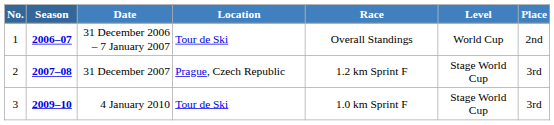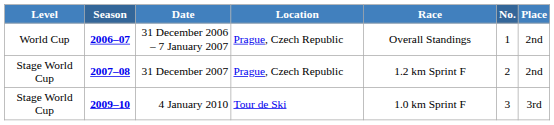 <table class="wikitable sortable" style="font-size:95%; text-align:center; border:grey solid 1px; border-collapse:collapse; background:#ffffff;">
 <tr style="background:#efefef;">
-<th style="background-color:#369; color:white;">No.</th>
+<th style="background-color:#4180be; color:white; width:100px;">Level</th>
 <th style="background-color:#369; color:white;">Season</th>
 <th style="background-color:#4180be; color:white; width:120px;">Date</th>
 <th style="background-color:#4180be; color:white; width:170px;">Location</th>
 <th style="background-color:#4180be; color:white; width:170px;">Race</th>
-<th style="background-color:#4180be; color:white; width:100px;">Level</th>
+<th style="background-color:#369; color:white;">No.</th>
 <th style="background-color:#4180be; color:white;">Place</th>
 </tr>
 <tr>
-<td align=center>1</td>
+<td>World Cup</td>
 <td rowspan=1 align=center><strong> <a href='#'>2006–07</a> </strong></td>
 <td align=right>31 December 2006<br> – 7 January 2007</td>
-<td align=left> <a href='#'>Tour de Ski</a></td>
+<td align=left> <a href='#'>Prague</a>, Czech Republic</td>
 <td>Overall Standings</td>
-<td>World Cup</td>
+<td align=center>1</td>
 <td>2nd</td>
 </tr>
 <tr>
-<td align=center>2</td>
+<td>Stage World Cup</td>
 <td rowspan=1 align=center><strong> <a href='#'>2007–08</a> </strong></td>
 <td align=right>31 December 2007</td>
 <td align=left> <a href='#'>Prague</a>, Czech Republic</td>
 <td>1.2 km Sprint F</td>
-<td>Stage World Cup</td>
-<td>3rd</td>
+<td align=center>2</td>
+<td>2nd</td>
 </tr>
 <tr>
-<td align=center>3</td>
+<td>Stage World Cup</td>
 <td rowspan=1 align=center><strong> <a href='#'>2009–10</a> </strong></td>
 <td align=right>4 January 2010</td>
 <td align=left> <a href='#'>Tour de Ski</a></td>
 <td>1.0 km Sprint F</td>
-<td>Stage World Cup</td>
+<td align=center>3</td>
 <td>3rd</td>
 </tr>
 </table>
